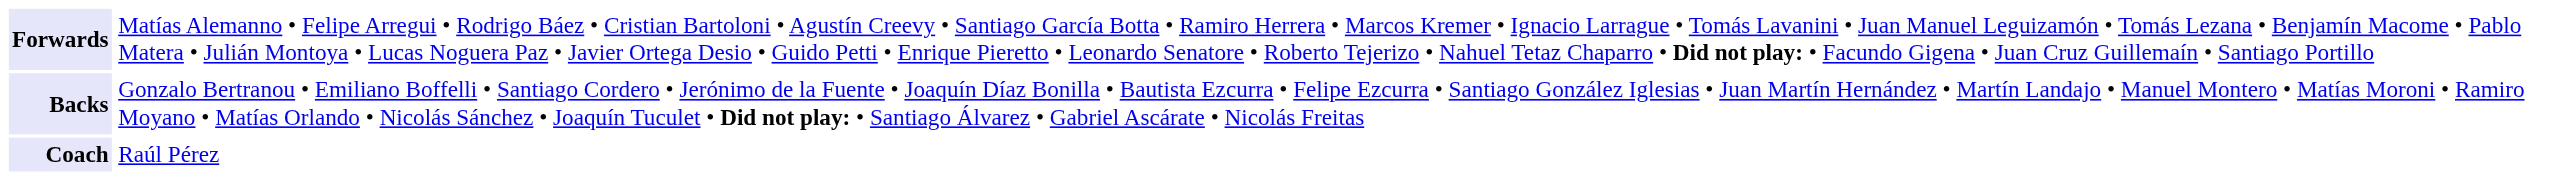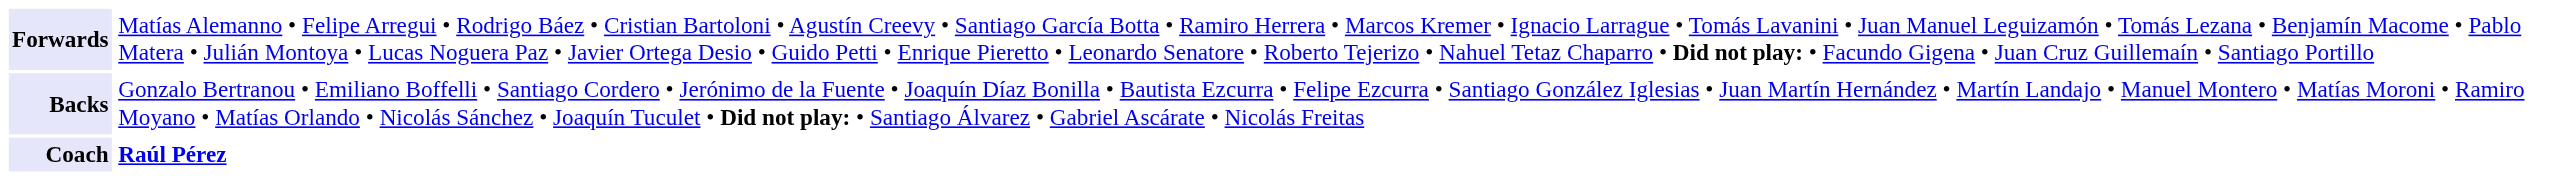 <table cellpadding="2" style="border: 1px solid white; font-size:90%;">
 <tr>
 <td style="text-align:right;" bgcolor="lavender"><strong>Forwards</strong></td>
 <td style="text-align:left;"><a href='#'>Matías Alemanno</a> • <a href='#'>Felipe Arregui</a> • <a href='#'>Rodrigo Báez</a> • <a href='#'>Cristian Bartoloni</a> • <a href='#'>Agustín Creevy</a> • <a href='#'>Santiago García Botta</a> • <a href='#'>Ramiro Herrera</a> • <a href='#'>Marcos Kremer</a> • <a href='#'>Ignacio Larrague</a> • <a href='#'>Tomás Lavanini</a> • <a href='#'>Juan Manuel Leguizamón</a> • <a href='#'>Tomás Lezana</a> • <a href='#'>Benjamín Macome</a> • <a href='#'>Pablo Matera</a> • <a href='#'>Julián Montoya</a> • <a href='#'>Lucas Noguera Paz</a> • <a href='#'>Javier Ortega Desio</a> • <a href='#'>Guido Petti</a> • <a href='#'>Enrique Pieretto</a> • <a href='#'>Leonardo Senatore</a> • <a href='#'>Roberto Tejerizo</a> • <a href='#'>Nahuel Tetaz Chaparro</a> • <strong>Did not play:</strong> • <a href='#'>Facundo Gigena</a> • <a href='#'>Juan Cruz Guillemaín</a> • <a href='#'>Santiago Portillo</a></td>
 </tr>
 <tr>
 <td style="text-align:right;" bgcolor="lavender"><strong>Backs</strong></td>
 <td style="text-align:left;"><a href='#'>Gonzalo Bertranou</a> • <a href='#'>Emiliano Boffelli</a> • <a href='#'>Santiago Cordero</a> • <a href='#'>Jerónimo de la Fuente</a> • <a href='#'>Joaquín Díaz Bonilla</a> • <a href='#'>Bautista Ezcurra</a> • <a href='#'>Felipe Ezcurra</a> • <a href='#'>Santiago González Iglesias</a> • <a href='#'>Juan Martín Hernández</a> • <a href='#'>Martín Landajo</a> • <a href='#'>Manuel Montero</a> • <a href='#'>Matías Moroni</a> • <a href='#'>Ramiro Moyano</a> • <a href='#'>Matías Orlando</a> • <a href='#'>Nicolás Sánchez</a> • <a href='#'>Joaquín Tuculet</a> • <strong>Did not play:</strong> • <a href='#'>Santiago Álvarez</a> • <a href='#'>Gabriel Ascárate</a> • <a href='#'>Nicolás Freitas</a></td>
 </tr>
 <tr>
 <td style="text-align:right;" bgcolor="lavender"><strong>Coach</strong></td>
-<td style="text-align:left;"><a href='#'>Raúl Pérez</a></td>
+<td style="text-align:left;"><strong><a href='#'>Raúl Pérez</a></strong></td>
 </tr>
 </table>
